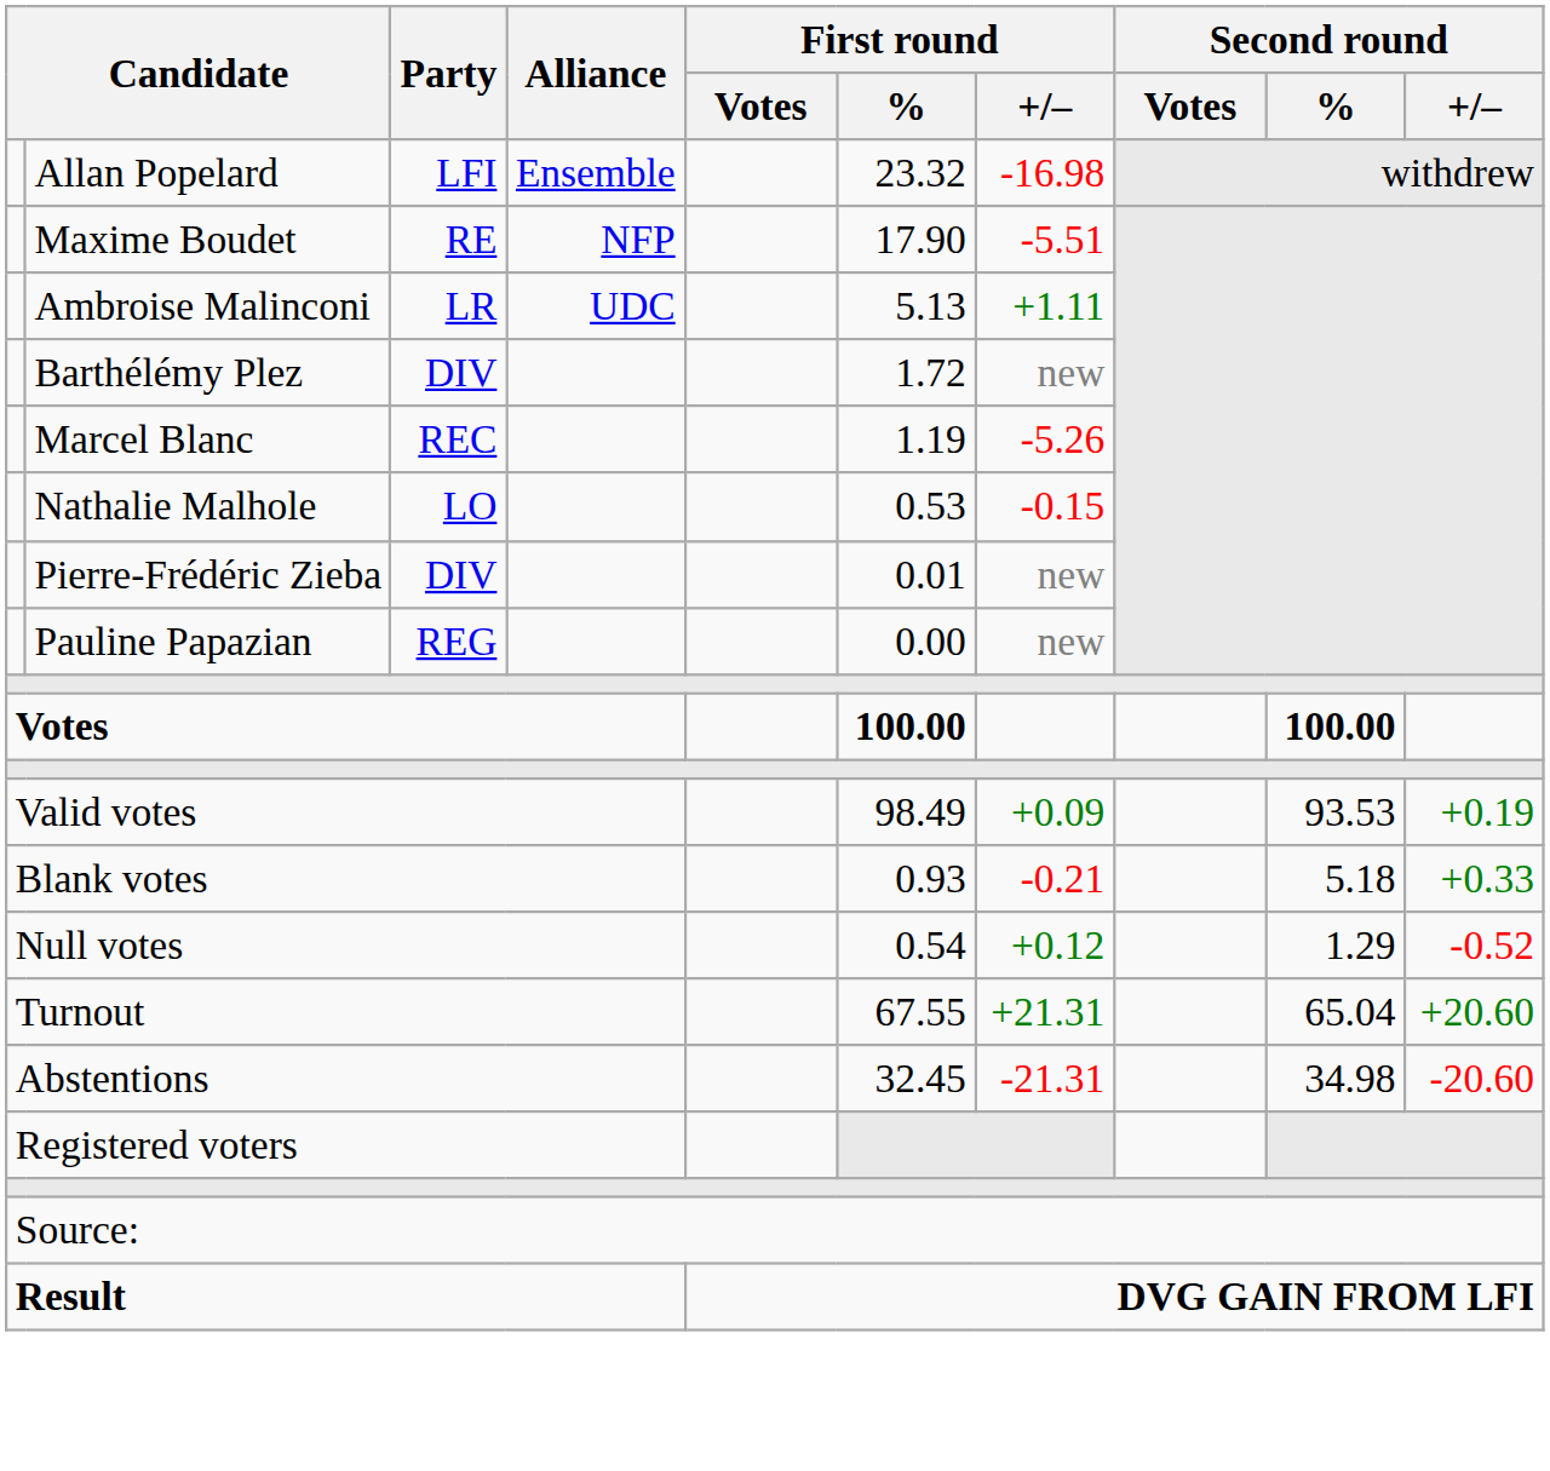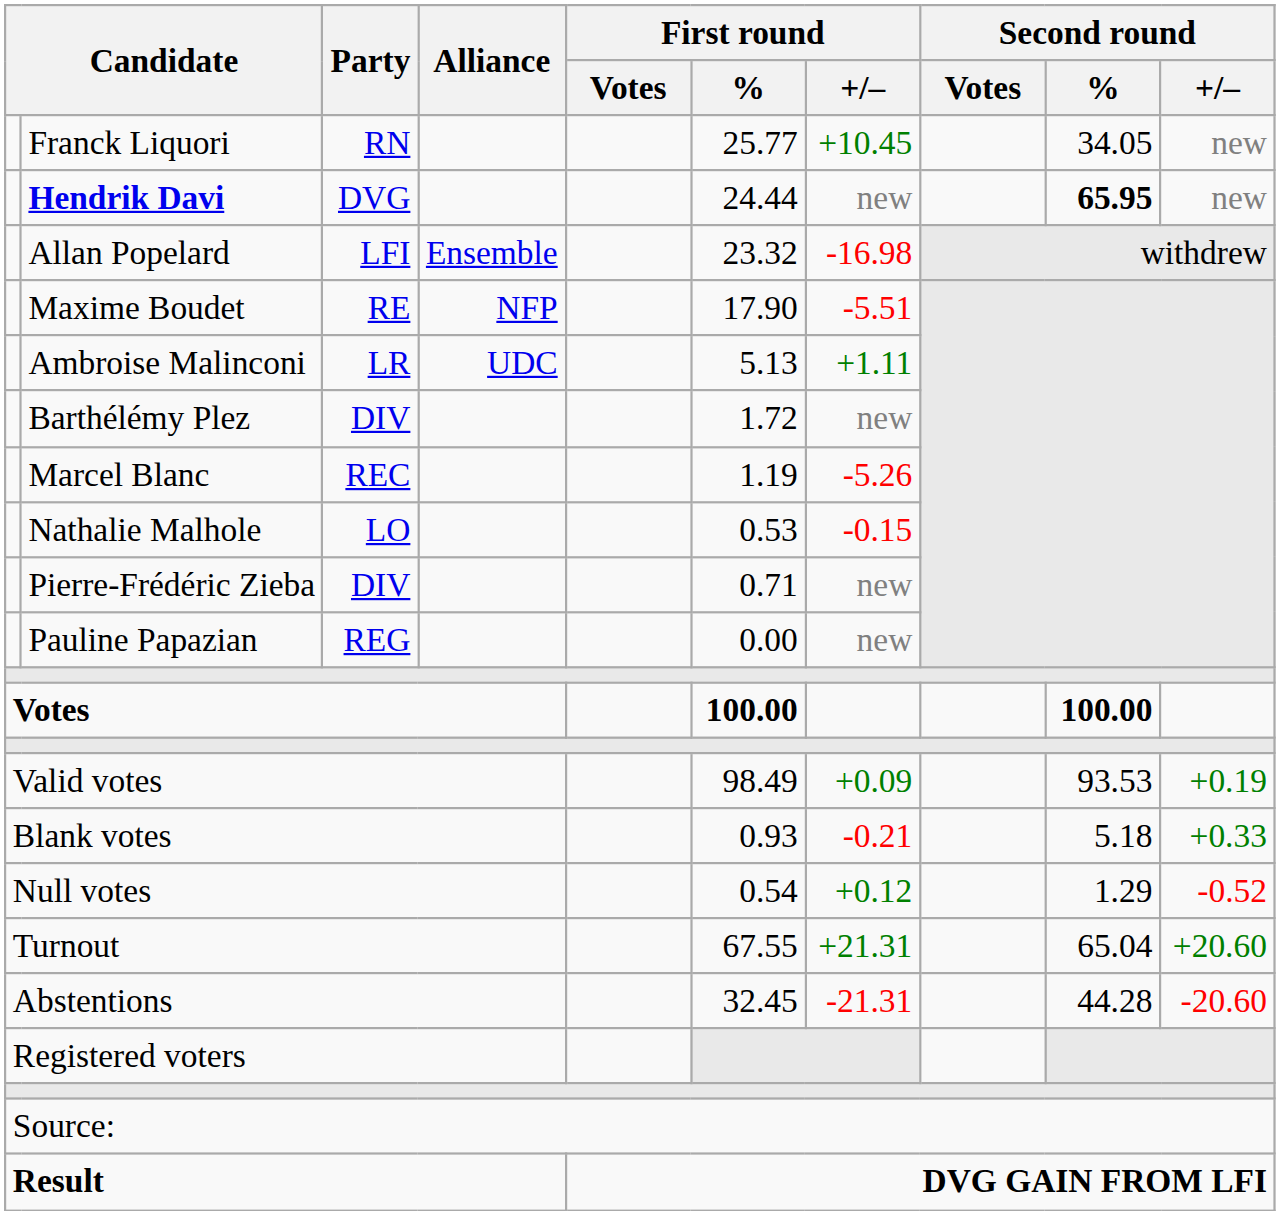 <table class="wikitable" style="text-align:right;font-size:95%;">
 <tr>
 <th rowspan="2" colspan="2">Candidate</th>
 <th colspan="1" rowspan="2">Party</th>
 <th colspan="1" rowspan="2">Alliance</th>
 <th colspan="3">First round</th>
 <th colspan="3">Second round</th>
 </tr>
 <tr>
 <th style="width:50px;">Votes</th>
 <th style="width:45px;">%</th>
 <th style="width:45px;">+/–</th>
 <th style="width:50px;">Votes</th>
 <th style="width:45px;">%</th>
 <th style="width:45px;">+/–</th>
+</tr>
+<tr>
+<td style="color:inherit;background:"></td>
+<td style="text-align:left;">Franck Liquori</td>
+<td><a href='#'>RN</a></td>
+<td></td>
+<td></td>
+<td>25.77</td>
+<td style="color:green;">+10.45</td>
+<td></td>
+<td>34.05</td>
+<td style="color:grey;">new</td>
+</tr>
+<tr>
+<td style="color:inherit;background:"></td>
+<td style="text-align:left;"><strong><a href='#'>Hendrik Davi</a></strong></td>
+<td><a href='#'>DVG</a></td>
+<td></td>
+<td></td>
+<td>24.44</td>
+<td style="color:grey;">new</td>
+<td><strong></strong></td>
+<td><strong>65.95</strong></td>
+<td style="color:grey;">new</td>
 </tr>
 <tr>
 <td style="color:inherit;background:"></td>
 <td style="text-align:left;">Allan Popelard</td>
 <td><a href='#'>LFI</a></td>
 <td><a href='#'>Ensemble</a></td>
 <td></td>
 <td>23.32</td>
 <td style="color:red;">-16.98</td>
 <td colspan="3" style="background:#E9E9E9;">withdrew</td>
 </tr>
 <tr>
 <td style="color:inherit;background:"></td>
 <td style="text-align:left;">Maxime Boudet</td>
 <td><a href='#'>RE</a></td>
 <td><a href='#'>NFP</a></td>
 <td></td>
 <td>17.90</td>
 <td style="color:red;">-5.51</td>
 <td colspan="3" rowspan="7" style="background:#E9E9E9;"></td>
 </tr>
 <tr>
 <td style="color:inherit;background:"></td>
 <td style="text-align:left;">Ambroise Malinconi</td>
 <td><a href='#'>LR</a></td>
 <td><a href='#'>UDC</a></td>
 <td></td>
 <td>5.13</td>
 <td style="color:green;">+1.11</td>
 </tr>
 <tr>
 <td style="color:inherit;background:"></td>
 <td style="text-align:left;">Barthélémy Plez</td>
 <td><a href='#'>DIV</a></td>
 <td></td>
 <td></td>
 <td>1.72</td>
 <td style="color:grey;">new</td>
 </tr>
 <tr>
 <td style="color:inherit;background:"></td>
 <td style="text-align:left;">Marcel Blanc</td>
 <td><a href='#'>REC</a></td>
 <td></td>
 <td></td>
 <td>1.19</td>
 <td style="color:red;">-5.26</td>
 </tr>
 <tr>
 <td style="color:inherit;background:"></td>
 <td style="text-align:left;">Nathalie Malhole</td>
 <td><a href='#'>LO</a></td>
 <td></td>
 <td></td>
 <td>0.53</td>
 <td style="color:red;">-0.15</td>
 </tr>
 <tr>
 <td style="color:inherit;background:"></td>
 <td style="text-align:left;">Pierre-Frédéric Zieba</td>
 <td><a href='#'>DIV</a></td>
 <td></td>
 <td></td>
-<td>0.01</td>
+<td>0.71</td>
 <td style="color:grey;">new</td>
 </tr>
 <tr>
 <td style="color:inherit;background:"></td>
 <td style="text-align:left;">Pauline Papazian</td>
 <td><a href='#'>REG</a></td>
 <td></td>
 <td></td>
 <td>0.00</td>
 <td style="color:grey;">new</td>
 </tr>
 <tr>
 <td colspan="10" style="background:#E9E9E9;"></td>
 </tr>
 <tr style="font-weight:bold;">
 <td colspan="4" style="text-align:left;">Votes</td>
 <td></td>
 <td>100.00</td>
 <td></td>
 <td></td>
 <td>100.00</td>
 <td></td>
 </tr>
 <tr>
 <td colspan="10" style="background:#E9E9E9;"></td>
 </tr>
 <tr>
 <td colspan="4" style="text-align:left;">Valid votes</td>
 <td></td>
 <td>98.49</td>
 <td style="color:green;">+0.09</td>
 <td></td>
 <td>93.53</td>
 <td style="color:green;">+0.19</td>
 </tr>
 <tr>
 <td colspan="4" style="text-align:left;">Blank votes</td>
 <td></td>
 <td>0.93</td>
 <td style="color:red;">-0.21</td>
 <td></td>
 <td>5.18</td>
 <td style="color:green;">+0.33</td>
 </tr>
 <tr>
 <td colspan="4" style="text-align:left;">Null votes</td>
 <td></td>
 <td>0.54</td>
 <td style="color:green;">+0.12</td>
 <td></td>
 <td>1.29</td>
 <td style="color:red;">-0.52</td>
 </tr>
 <tr>
 <td colspan="4" style="text-align:left;">Turnout</td>
 <td></td>
 <td>67.55</td>
 <td style="color:green;">+21.31</td>
 <td></td>
 <td>65.04</td>
 <td style="color:green;">+20.60</td>
 </tr>
 <tr>
 <td colspan="4" style="text-align:left;">Abstentions</td>
 <td></td>
 <td>32.45</td>
 <td style="color:red;">-21.31</td>
 <td></td>
-<td>34.98</td>
+<td>44.28</td>
 <td style="color:red;">-20.60</td>
 </tr>
 <tr>
 <td colspan="4" style="text-align:left;">Registered voters</td>
 <td></td>
 <td colspan="2" style="background:#E9E9E9;"></td>
 <td></td>
 <td colspan="2" style="background:#E9E9E9;"></td>
 </tr>
 <tr>
 <td colspan="10" style="background:#E9E9E9;"></td>
 </tr>
 <tr>
 <td colspan="10" style="text-align:left;">Source: </td>
 </tr>
 <tr style="font-weight:bold">
 <td colspan="4" style="text-align:left;">Result</td>
 <td colspan="6" style="background-color:">DVG GAIN FROM LFI</td>
 </tr>
 </table>
